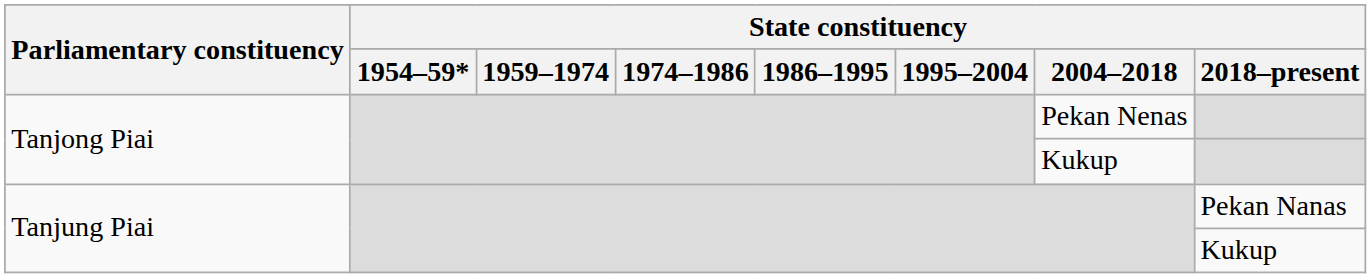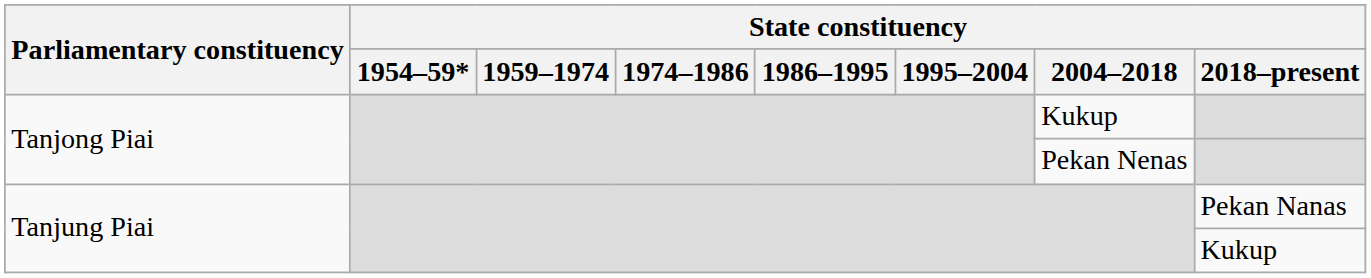 <table class="wikitable">
 <tr>
 <th rowspan="2">Parliamentary constituency</th>
 <th colspan="7">State constituency</th>
 </tr>
 <tr>
 <th>1954–59*</th>
 <th>1959–1974</th>
 <th>1974–1986</th>
 <th>1986–1995</th>
 <th>1995–2004</th>
 <th>2004–2018</th>
 <th>2018–present</th>
 </tr>
 <tr>
 <td rowspan="2">Tanjong Piai</td>
 <td colspan="5" rowspan="2" bgcolor="dcdcdc"></td>
-<td>Pekan Nenas</td>
+<td>Kukup</td>
 <td bgcolor="dcdcdc"></td>
 </tr>
 <tr>
-<td>Kukup</td>
+<td>Pekan Nenas</td>
 <td bgcolor="dcdcdc"></td>
 </tr>
 <tr>
 <td rowspan="2">Tanjung Piai</td>
 <td colspan="6" rowspan="2" bgcolor="dcdcdc"></td>
 <td>Pekan Nanas</td>
 </tr>
 <tr>
 <td>Kukup</td>
 </tr>
 </table>
